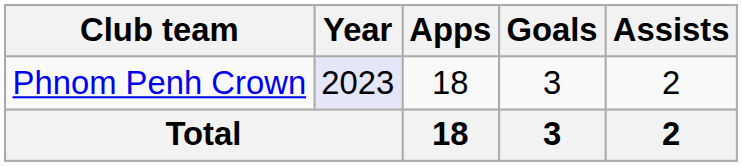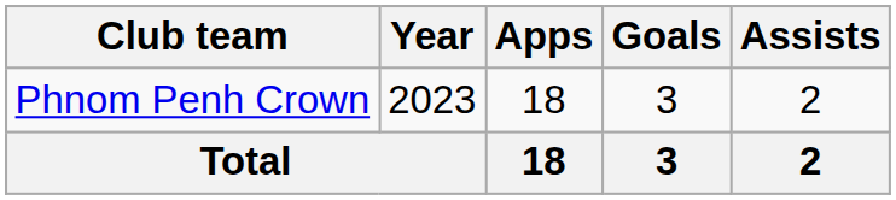 <table class=wikitable style="text-align: center;">
 <tr>
 <th>Club team</th>
 <th>Year</th>
 <th>Apps</th>
 <th>Goals</th>
 <th>Assists</th>
 </tr>
 <tr>
 <td rowspan=1><a href='#'>Phnom Penh Crown</a></td>
-<td style="background: lavender;">2023</td>
+<td>2023</td>
 <td>18</td>
 <td>3</td>
 <td>2</td>
 </tr>
 <tr>
 <th colspan=2>Total</th>
 <th>18</th>
 <th>3</th>
 <th>2</th>
 </tr>
 </table>
